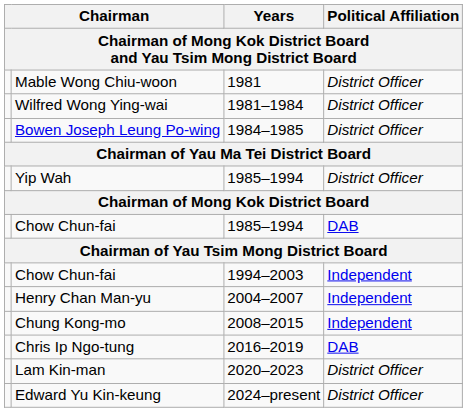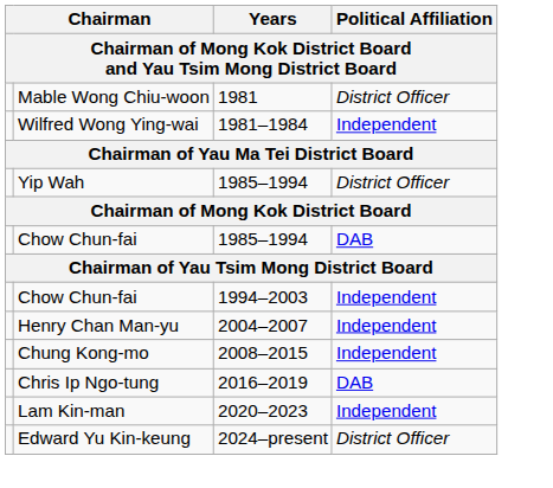 <table class="wikitable">
 <tr>
 <th colspan=2>Chairman</th>
 <th>Years</th>
 <th>Political Affiliation</th>
 </tr>
 <tr>
 <th colspan="4">Chairman of Mong Kok District Board<br>and Yau Tsim Mong District Board</th>
 </tr>
 <tr>
 <td style="color:inherit;background:"></td>
 <td>Mable Wong Chiu-woon</td>
 <td>1981</td>
 <td><em>District Officer</em></td>
 </tr>
 <tr>
 <td style="color:inherit;background:"></td>
 <td>Wilfred Wong Ying-wai</td>
 <td>1981–1984</td>
-<td><em>District Officer</em></td>
-</tr>
-<tr>
-<td style="color:inherit;background:"></td>
-<td><a href='#'>Bowen Joseph Leung Po-wing</a></td>
-<td>1984–1985</td>
-<td><em>District Officer</em></td>
+<td><a href='#'>Independent</a></td>
 </tr>
 <tr>
 <th colspan="4">Chairman of Yau Ma Tei District Board</th>
 </tr>
 <tr>
 <td style="color:inherit;background:"></td>
 <td>Yip Wah</td>
 <td>1985–1994</td>
 <td><em>District Officer</em></td>
 </tr>
 <tr>
 <th colspan="4">Chairman of Mong Kok District Board</th>
 </tr>
 <tr>
 <td style="color:inherit;background:"></td>
 <td>Chow Chun-fai</td>
 <td>1985–1994</td>
 <td><a href='#'>DAB</a></td>
 </tr>
 <tr>
 <th colspan="4">Chairman of Yau Tsim Mong District Board</th>
 </tr>
 <tr>
 <td style="color:inherit;background:"></td>
 <td>Chow Chun-fai</td>
 <td>1994–2003</td>
 <td><a href='#'>Independent</a></td>
 </tr>
 <tr>
 <td style="color:inherit;background:"></td>
 <td>Henry Chan Man-yu</td>
 <td>2004–2007</td>
 <td><a href='#'>Independent</a></td>
 </tr>
 <tr>
 <td style="color:inherit;background:"></td>
 <td>Chung Kong-mo</td>
 <td>2008–2015</td>
 <td><a href='#'>Independent</a></td>
 </tr>
 <tr>
 <td style="color:inherit;background:"></td>
 <td>Chris Ip Ngo-tung</td>
 <td>2016–2019</td>
 <td><a href='#'>DAB</a></td>
 </tr>
 <tr>
 <td style="color:inherit;background:"></td>
 <td>Lam Kin-man</td>
 <td>2020–2023</td>
-<td><em>District Officer</em></td>
+<td><a href='#'>Independent</a></td>
 </tr>
 <tr>
 <td style="color:inherit;background:"></td>
 <td>Edward Yu Kin-keung</td>
 <td>2024–present</td>
 <td><em>District Officer</em></td>
 </tr>
 </table>
